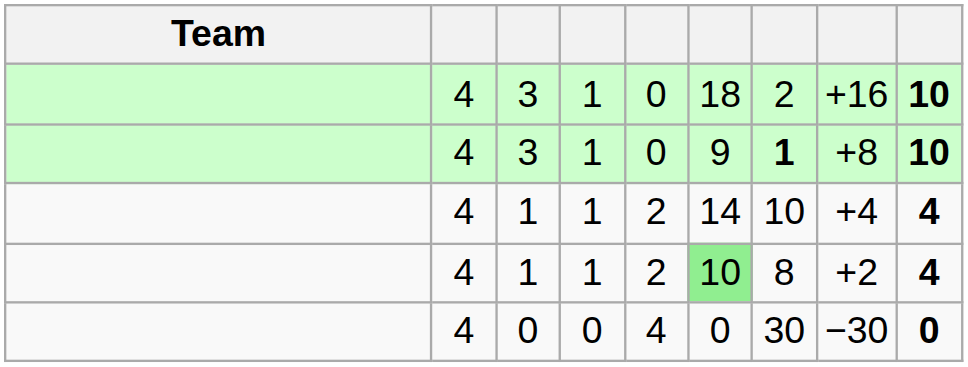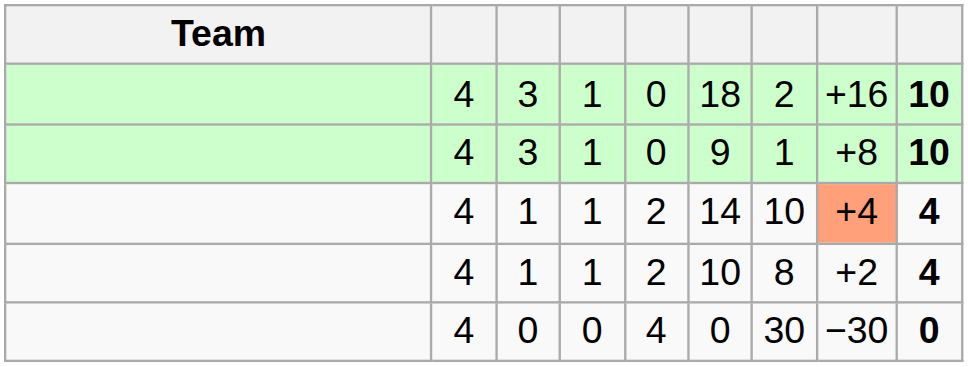 <table class="wikitable" style="text-align: center;">
 <tr>
 <th width=175>Team</th>
 <th width=20></th>
 <th width=20></th>
 <th width=20></th>
 <th width=20></th>
 <th width=20></th>
 <th width=20></th>
 <th width=20></th>
 <th width=20></th>
 </tr>
 <tr bgcolor="#CCFFCC">
 <td style="text-align:left;"></td>
 <td>4</td>
 <td>3</td>
 <td>1</td>
 <td>0</td>
 <td>18</td>
 <td>2</td>
 <td>+16</td>
 <td><strong>10</strong></td>
 </tr>
 <tr bgcolor="#CCFFCC">
 <td style="text-align:left;"></td>
 <td>4</td>
 <td>3</td>
 <td>1</td>
 <td>0</td>
 <td>9</td>
-<td><strong>1</strong></td>
+<td>1</td>
 <td>+8</td>
 <td><strong>10</strong></td>
 </tr>
 <tr>
 <td style="text-align:left;"></td>
 <td>4</td>
 <td>1</td>
 <td>1</td>
 <td>2</td>
 <td>14</td>
 <td>10</td>
-<td>+4</td>
+<td style="background: lightsalmon;">+4</td>
 <td><strong>4</strong></td>
 </tr>
 <tr>
 <td style="text-align:left;"></td>
 <td>4</td>
 <td>1</td>
 <td>1</td>
 <td>2</td>
-<td style="background: lightgreen;">10</td>
+<td>10</td>
 <td>8</td>
 <td>+2</td>
 <td><strong>4</strong></td>
 </tr>
 <tr>
 <td style="text-align:left;"></td>
 <td>4</td>
 <td>0</td>
 <td>0</td>
 <td>4</td>
 <td>0</td>
 <td>30</td>
 <td>−30</td>
 <td><strong>0</strong></td>
 </tr>
 </table>
